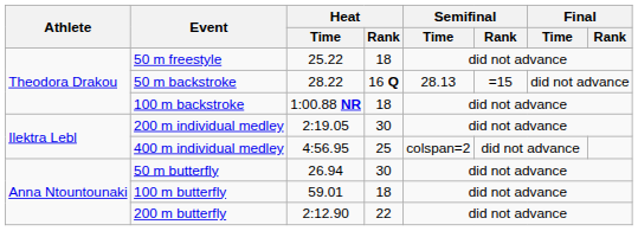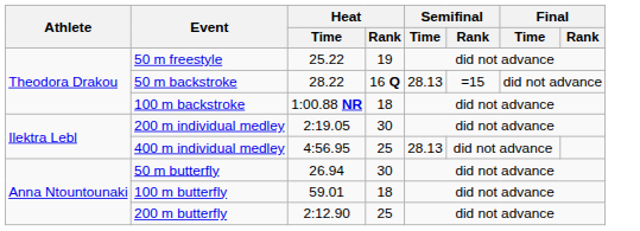 <table class=wikitable style="font-size:90%">
 <tr>
 <th rowspan="2">Athlete</th>
 <th rowspan="2">Event</th>
 <th colspan="2">Heat</th>
 <th colspan="2">Semifinal</th>
 <th colspan="2">Final</th>
 </tr>
 <tr style="font-size:95%">
 <th>Time</th>
 <th>Rank</th>
 <th>Time</th>
 <th>Rank</th>
 <th>Time</th>
 <th>Rank</th>
 </tr>
 <tr align=center>
 <td align=left rowspan=3><a href='#'>Theodora Drakou</a></td>
 <td align=left><a href='#'>50 m freestyle</a></td>
 <td>25.22</td>
-<td>18</td>
+<td>19</td>
 <td colspan=4>did not advance</td>
 </tr>
 <tr align=center>
 <td align=left><a href='#'>50 m backstroke</a></td>
 <td>28.22</td>
 <td>16 <strong>Q</strong></td>
 <td>28.13</td>
 <td>=15</td>
 <td colspan=2>did not advance</td>
 </tr>
 <tr align=center>
 <td align=left><a href='#'>100 m backstroke</a></td>
 <td>1:00.88 <strong><a href='#'>NR</a></strong></td>
 <td>18</td>
 <td colspan=4>did not advance</td>
 </tr>
 <tr align=center>
 <td align=left rowspan=2><a href='#'>Ilektra Lebl</a></td>
 <td align=left><a href='#'>200 m individual medley</a></td>
 <td>2:19.05</td>
 <td>30</td>
 <td colspan=4>did not advance</td>
 </tr>
 <tr align=center>
 <td align=left><a href='#'>400 m individual medley</a></td>
 <td>4:56.95</td>
 <td>25</td>
-<td>colspan=2 </td>
+<td>28.13</td>
 <td colspan=2>did not advance</td>
 </tr>
 <tr align=center>
 <td align=left rowspan=3><a href='#'>Anna Ntountounaki</a></td>
 <td align=left><a href='#'>50 m butterfly</a></td>
 <td>26.94</td>
 <td>30</td>
 <td colspan=4>did not advance</td>
 </tr>
 <tr align=center>
 <td align=left><a href='#'>100 m butterfly</a></td>
 <td>59.01</td>
 <td>18</td>
 <td colspan=4>did not advance</td>
 </tr>
 <tr align=center>
 <td align=left><a href='#'>200 m butterfly</a></td>
 <td>2:12.90</td>
-<td>22</td>
+<td>25</td>
 <td colspan=4>did not advance</td>
 </tr>
 </table>
